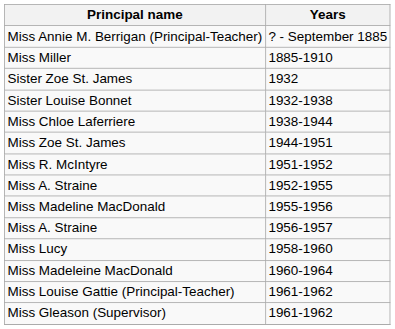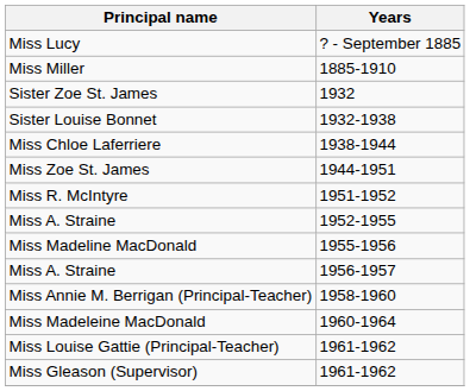 <table class="wikitable">
 <tr>
 <th>Principal name</th>
 <th>Years</th>
 </tr>
 <tr>
-<td>Miss Annie M. Berrigan (Principal-Teacher)</td>
+<td>Miss Lucy</td>
 <td>? - September 1885</td>
 </tr>
 <tr>
 <td>Miss Miller</td>
 <td>1885-1910</td>
 </tr>
 <tr>
 <td>Sister Zoe St. James</td>
 <td>1932</td>
 </tr>
 <tr>
 <td>Sister Louise Bonnet</td>
 <td>1932-1938</td>
 </tr>
 <tr>
 <td>Miss Chloe Laferriere</td>
 <td>1938-1944</td>
 </tr>
 <tr>
 <td>Miss Zoe St. James</td>
 <td>1944-1951</td>
 </tr>
 <tr>
 <td>Miss R. McIntyre</td>
 <td>1951-1952</td>
 </tr>
 <tr>
 <td>Miss A. Straine</td>
 <td>1952-1955</td>
 </tr>
 <tr>
 <td>Miss Madeline MacDonald</td>
 <td>1955-1956</td>
 </tr>
 <tr>
 <td>Miss A. Straine</td>
 <td>1956-1957</td>
 </tr>
 <tr>
-<td>Miss Lucy</td>
+<td>Miss Annie M. Berrigan (Principal-Teacher)</td>
 <td>1958-1960</td>
 </tr>
 <tr>
 <td>Miss Madeleine MacDonald</td>
 <td>1960-1964</td>
 </tr>
 <tr>
 <td>Miss Louise Gattie (Principal-Teacher)</td>
 <td>1961-1962</td>
 </tr>
 <tr>
 <td>Miss Gleason (Supervisor)</td>
 <td>1961-1962</td>
 </tr>
 <tr>
 </tr>
 </table>
